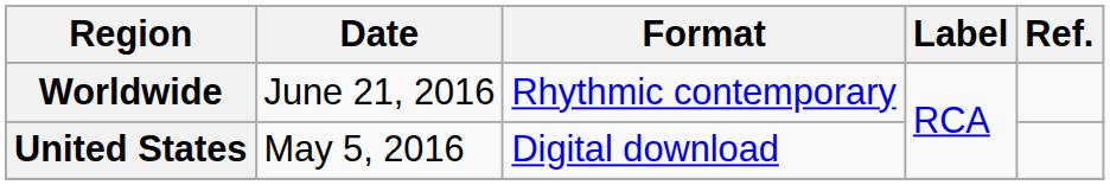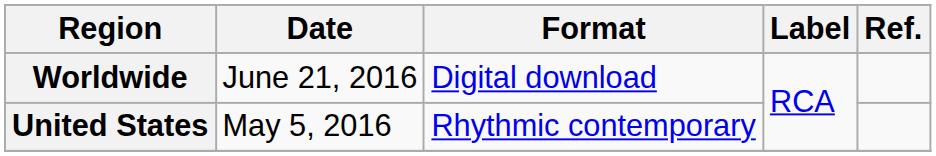 <table class="wikitable plainrowheaders">
 <tr>
 <th>Region</th>
 <th>Date</th>
 <th>Format</th>
 <th>Label</th>
 <th>Ref.</th>
 </tr>
 <tr>
 <th scope="row">Worldwide</th>
 <td>June 21, 2016</td>
-<td><a href='#'>Rhythmic contemporary</a></td>
+<td><a href='#'>Digital download</a></td>
 <td rowspan="2"><a href='#'>RCA</a></td>
 <td style="text-align:center;"></td>
 </tr>
 <tr>
 <th scope="row">United States</th>
 <td>May 5, 2016</td>
-<td><a href='#'>Digital download</a></td>
+<td><a href='#'>Rhythmic contemporary</a></td>
 <td style="text-align:center;"></td>
 </tr>
 <tr>
 </tr>
 </table>
